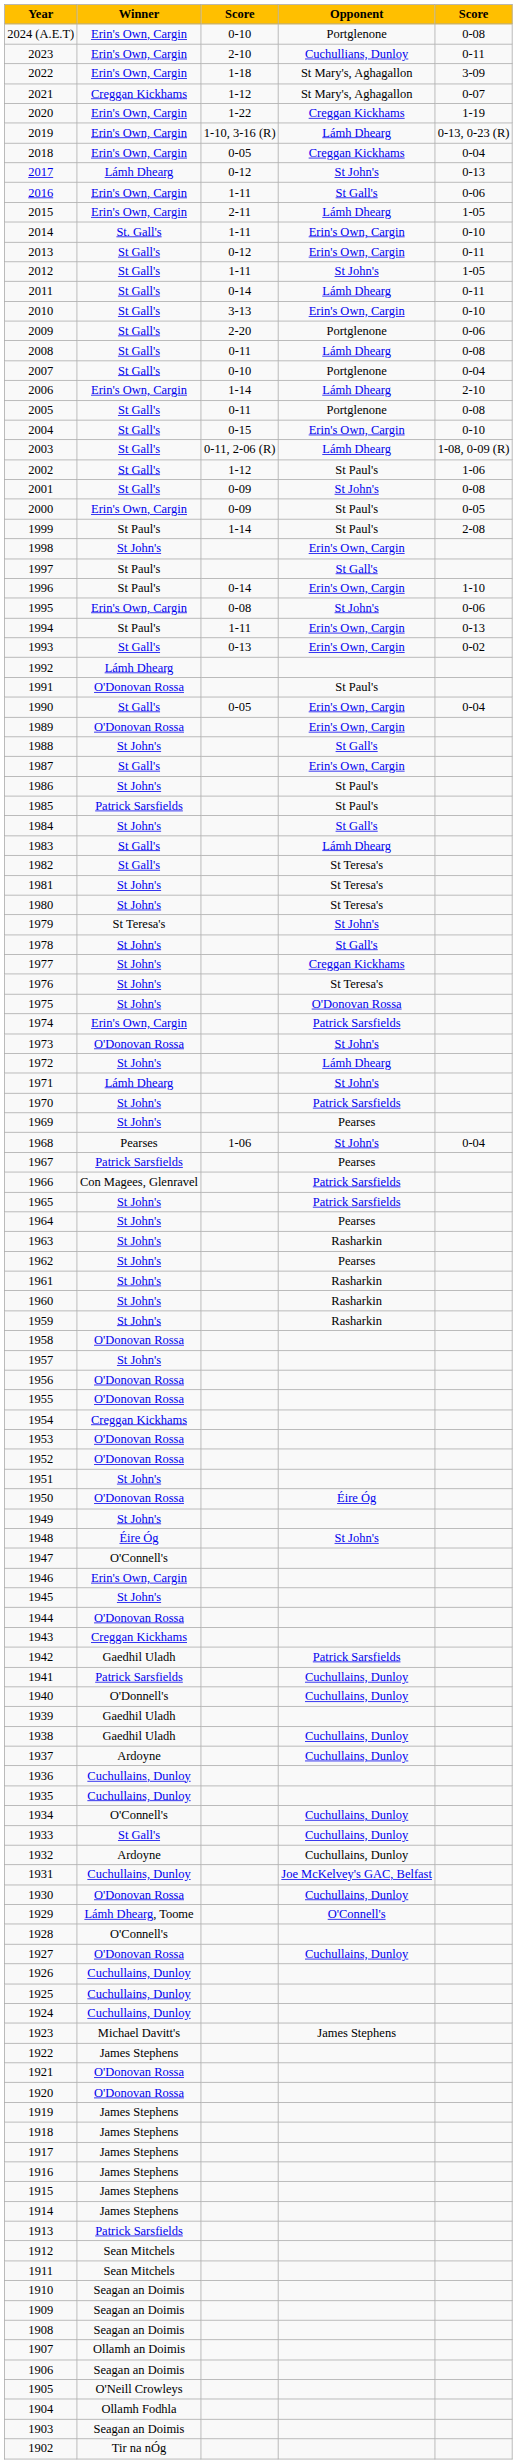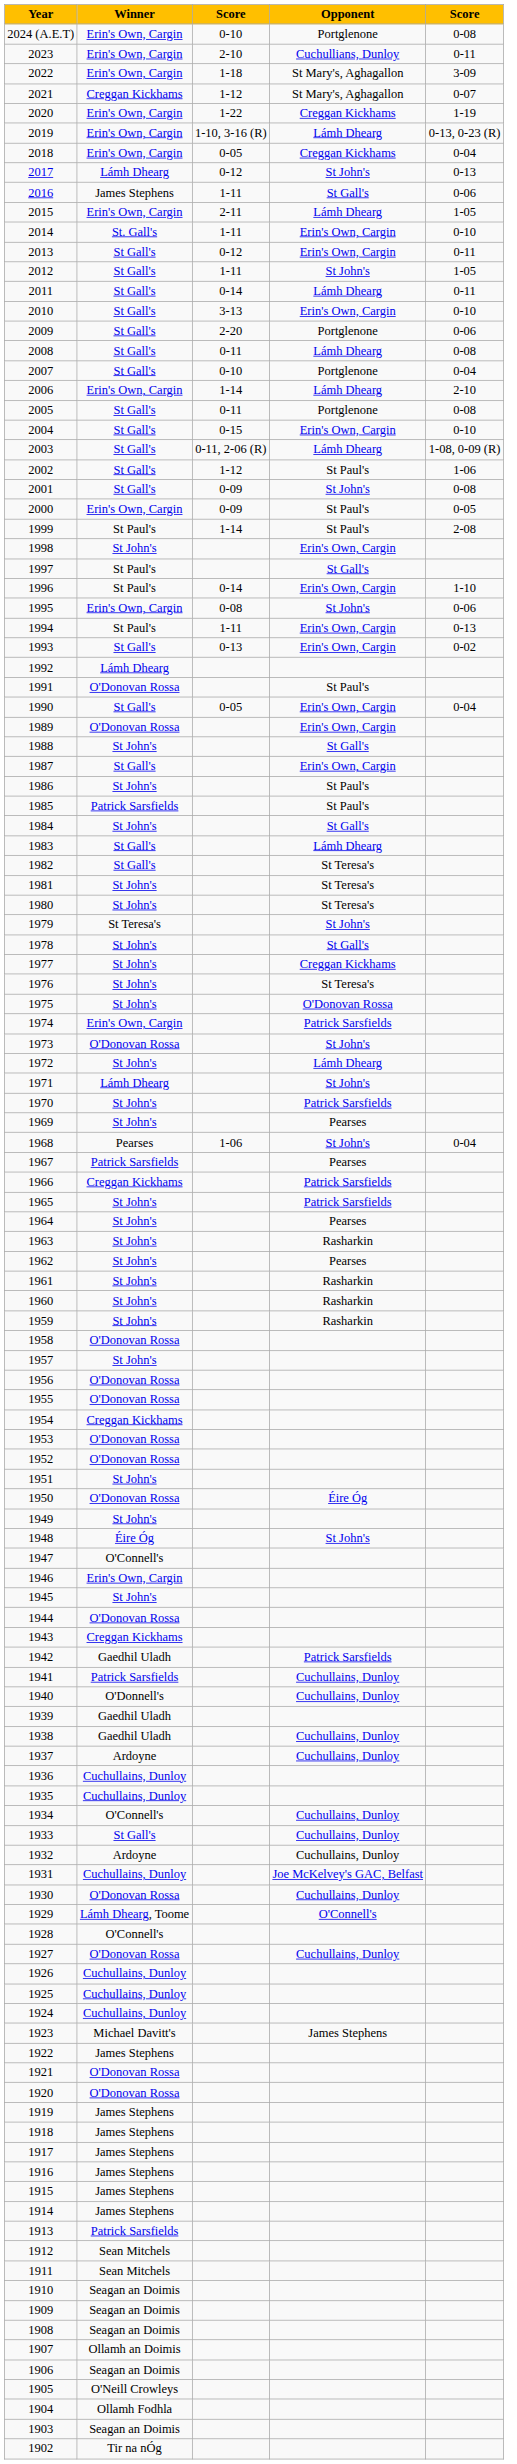 <table class="wikitable" style="text-align:center;">
 <tr>
 <th style="background:#FFBF00;color:black;">Year</th>
 <th style="background:#FFBF00;color:black;">Winner</th>
 <th style="background:#FFBF00;color:black;">Score</th>
 <th style="background:#FFBF00;color:black;">Opponent</th>
 <th style="background:#FFBF00;color:black;">Score</th>
 </tr>
 <tr>
 <td>2024 (A.E.T)</td>
 <td><a href='#'>Erin's Own, Cargin</a></td>
 <td>0-10</td>
 <td>Portglenone</td>
 <td>0-08</td>
 </tr>
 <tr>
 <td>2023</td>
 <td><a href='#'>Erin's Own, Cargin</a></td>
 <td>2-10</td>
 <td><a href='#'>Cuchullians, Dunloy</a></td>
 <td>0-11</td>
 </tr>
 <tr>
 <td>2022</td>
 <td><a href='#'>Erin's Own, Cargin</a></td>
 <td>1-18</td>
 <td>St Mary's, Aghagallon</td>
 <td>3-09</td>
 </tr>
 <tr>
 <td>2021</td>
 <td><a href='#'>Creggan Kickhams</a></td>
 <td>1-12</td>
 <td>St Mary's, Aghagallon</td>
 <td>0-07</td>
 </tr>
 <tr>
 <td>2020</td>
 <td><a href='#'>Erin's Own, Cargin</a></td>
 <td>1-22</td>
 <td><a href='#'>Creggan Kickhams</a></td>
 <td>1-19</td>
 </tr>
 <tr>
 <td>2019</td>
 <td><a href='#'>Erin's Own, Cargin</a></td>
 <td>1-10, 3-16 (R)</td>
 <td><a href='#'>Lámh Dhearg</a></td>
 <td>0-13, 0-23 (R)</td>
 </tr>
 <tr>
 <td>2018</td>
 <td><a href='#'>Erin's Own, Cargin</a></td>
 <td>0-05</td>
 <td><a href='#'>Creggan Kickhams</a></td>
 <td>0-04</td>
 </tr>
 <tr https://antrim.gaa.ie/fixtures/senior-football-championship>
 <td><a href='#'>2017</a></td>
 <td><a href='#'>Lámh Dhearg</a></td>
 <td>0-12</td>
 <td><a href='#'>St John's</a></td>
 <td>0-13</td>
 </tr>
 <tr>
 <td><a href='#'>2016</a></td>
-<td><a href='#'>Erin's Own, Cargin</a></td>
+<td>James Stephens</td>
 <td>1-11</td>
 <td><a href='#'>St Gall's</a></td>
 <td>0-06</td>
 </tr>
 <tr>
 <td>2015</td>
 <td><a href='#'>Erin's Own, Cargin</a></td>
 <td>2-11</td>
 <td><a href='#'>Lámh Dhearg</a></td>
 <td>1-05</td>
 </tr>
 <tr>
 <td>2014</td>
 <td><a href='#'>St. Gall's</a></td>
 <td>1-11</td>
 <td><a href='#'>Erin's Own, Cargin</a></td>
 <td>0-10</td>
 </tr>
 <tr>
 <td>2013</td>
 <td><a href='#'>St Gall's</a></td>
 <td>0-12</td>
 <td><a href='#'>Erin's Own, Cargin</a></td>
 <td>0-11</td>
 </tr>
 <tr>
 <td>2012</td>
 <td><a href='#'>St Gall's</a></td>
 <td>1-11</td>
 <td><a href='#'>St John's</a></td>
 <td>1-05</td>
 </tr>
 <tr>
 <td>2011</td>
 <td><a href='#'>St Gall's</a></td>
 <td>0-14</td>
 <td><a href='#'>Lámh Dhearg</a></td>
 <td>0-11</td>
 </tr>
 <tr>
 <td>2010</td>
 <td><a href='#'>St Gall's</a></td>
 <td>3-13</td>
 <td><a href='#'>Erin's Own, Cargin</a></td>
 <td>0-10</td>
 </tr>
 <tr>
 <td>2009</td>
 <td><a href='#'>St Gall's</a></td>
 <td>2-20</td>
 <td>Portglenone</td>
 <td>0-06</td>
 </tr>
 <tr>
 <td>2008</td>
 <td><a href='#'>St Gall's</a></td>
 <td>0-11</td>
 <td><a href='#'>Lámh Dhearg</a></td>
 <td>0-08</td>
 </tr>
 <tr>
 <td>2007</td>
 <td><a href='#'>St Gall's</a></td>
 <td>0-10</td>
 <td>Portglenone</td>
 <td>0-04</td>
 </tr>
 <tr>
 <td>2006</td>
 <td><a href='#'>Erin's Own, Cargin</a></td>
 <td>1-14</td>
 <td><a href='#'>Lámh Dhearg</a></td>
 <td>2-10</td>
 </tr>
 <tr>
 <td>2005</td>
 <td><a href='#'>St Gall's</a></td>
 <td>0-11</td>
 <td>Portglenone</td>
 <td>0-08</td>
 </tr>
 <tr>
 <td>2004</td>
 <td><a href='#'>St Gall's</a></td>
 <td>0-15</td>
 <td><a href='#'>Erin's Own, Cargin</a></td>
 <td>0-10</td>
 </tr>
 <tr>
 <td>2003</td>
 <td><a href='#'>St Gall's</a></td>
 <td>0-11, 2-06 (R)</td>
 <td><a href='#'>Lámh Dhearg</a></td>
 <td>1-08, 0-09 (R)</td>
 </tr>
 <tr>
 <td>2002</td>
 <td><a href='#'>St Gall's</a></td>
 <td>1-12</td>
 <td>St Paul's</td>
 <td>1-06</td>
 </tr>
 <tr>
 <td>2001</td>
 <td><a href='#'>St Gall's</a></td>
 <td>0-09</td>
 <td><a href='#'>St John's</a></td>
 <td>0-08</td>
 </tr>
 <tr>
 <td>2000</td>
 <td><a href='#'>Erin's Own, Cargin</a></td>
 <td>0-09</td>
 <td>St Paul's</td>
 <td>0-05</td>
 </tr>
 <tr>
 <td>1999</td>
 <td>St Paul's</td>
 <td>1-14</td>
 <td>St Paul's</td>
 <td>2-08</td>
 </tr>
 <tr>
 <td>1998</td>
 <td><a href='#'>St John's</a></td>
 <td></td>
 <td><a href='#'>Erin's Own, Cargin</a></td>
 <td></td>
 </tr>
 <tr>
 <td>1997</td>
 <td>St Paul's</td>
 <td></td>
 <td><a href='#'>St Gall's</a></td>
 <td></td>
 </tr>
 <tr>
 <td>1996</td>
 <td>St Paul's</td>
 <td>0-14</td>
 <td><a href='#'>Erin's Own, Cargin</a></td>
 <td>1-10</td>
 </tr>
 <tr>
 <td>1995</td>
 <td><a href='#'>Erin's Own, Cargin</a></td>
 <td>0-08</td>
 <td><a href='#'>St John's</a></td>
 <td>0-06</td>
 </tr>
 <tr>
 <td>1994</td>
 <td>St Paul's</td>
 <td>1-11</td>
 <td><a href='#'>Erin's Own, Cargin</a></td>
 <td>0-13</td>
 </tr>
 <tr>
 <td>1993</td>
 <td><a href='#'>St Gall's</a></td>
 <td>0-13</td>
 <td><a href='#'>Erin's Own, Cargin</a></td>
 <td>0-02</td>
 </tr>
 <tr>
 <td>1992</td>
 <td><a href='#'>Lámh Dhearg</a></td>
 <td></td>
 <td></td>
 <td></td>
 </tr>
 <tr>
 <td>1991</td>
 <td><a href='#'>O'Donovan Rossa</a></td>
 <td></td>
 <td>St Paul's</td>
 <td></td>
 </tr>
 <tr>
 <td>1990</td>
 <td><a href='#'>St Gall's</a></td>
 <td>0-05</td>
 <td><a href='#'>Erin's Own, Cargin</a></td>
 <td>0-04</td>
 </tr>
 <tr>
 <td>1989</td>
 <td><a href='#'>O'Donovan Rossa</a></td>
 <td></td>
 <td><a href='#'>Erin's Own, Cargin</a></td>
 <td></td>
 </tr>
 <tr>
 <td>1988</td>
 <td><a href='#'>St John's</a></td>
 <td></td>
 <td><a href='#'>St Gall's</a></td>
 <td></td>
 </tr>
 <tr>
 <td>1987</td>
 <td><a href='#'>St Gall's</a></td>
 <td></td>
 <td><a href='#'>Erin's Own, Cargin</a></td>
 <td></td>
 </tr>
 <tr>
 <td>1986</td>
 <td><a href='#'>St John's</a></td>
 <td></td>
 <td>St Paul's</td>
 <td></td>
 </tr>
 <tr>
 <td>1985</td>
 <td><a href='#'>Patrick Sarsfields</a></td>
 <td></td>
 <td>St Paul's</td>
 <td></td>
 </tr>
 <tr>
 <td>1984</td>
 <td><a href='#'>St John's</a></td>
 <td></td>
 <td><a href='#'>St Gall's</a></td>
 <td></td>
 </tr>
 <tr>
 <td>1983</td>
 <td><a href='#'>St Gall's</a></td>
 <td></td>
 <td><a href='#'>Lámh Dhearg</a></td>
 <td></td>
 </tr>
 <tr>
 <td>1982</td>
 <td><a href='#'>St Gall's</a></td>
 <td></td>
 <td>St Teresa's</td>
 <td></td>
 </tr>
 <tr>
 <td>1981</td>
 <td><a href='#'>St John's</a></td>
 <td></td>
 <td>St Teresa's</td>
 <td></td>
 </tr>
 <tr>
 <td>1980</td>
 <td><a href='#'>St John's</a></td>
 <td></td>
 <td>St Teresa's</td>
 <td></td>
 </tr>
 <tr>
 <td>1979</td>
 <td>St Teresa's</td>
 <td></td>
 <td><a href='#'>St John's</a></td>
 <td></td>
 </tr>
 <tr>
 <td>1978</td>
 <td><a href='#'>St John's</a></td>
 <td></td>
 <td><a href='#'>St Gall's</a></td>
 <td></td>
 </tr>
 <tr>
 <td>1977</td>
 <td><a href='#'>St John's</a></td>
 <td></td>
 <td><a href='#'>Creggan Kickhams</a></td>
 <td></td>
 </tr>
 <tr>
 <td>1976</td>
 <td><a href='#'>St John's</a></td>
 <td></td>
 <td>St Teresa's</td>
 <td></td>
 </tr>
 <tr>
 <td>1975</td>
 <td><a href='#'>St John's</a></td>
 <td></td>
 <td><a href='#'>O'Donovan Rossa</a></td>
 <td></td>
 </tr>
 <tr>
 <td>1974</td>
 <td><a href='#'>Erin's Own, Cargin</a></td>
 <td></td>
 <td><a href='#'>Patrick Sarsfields</a></td>
 <td></td>
 </tr>
 <tr>
 <td>1973</td>
 <td><a href='#'>O'Donovan Rossa</a></td>
 <td></td>
 <td><a href='#'>St John's</a></td>
 <td></td>
 </tr>
 <tr>
 <td>1972</td>
 <td><a href='#'>St John's</a></td>
 <td></td>
 <td><a href='#'>Lámh Dhearg</a></td>
 <td></td>
 </tr>
 <tr>
 <td>1971</td>
 <td><a href='#'>Lámh Dhearg</a></td>
 <td></td>
 <td><a href='#'>St John's</a></td>
 <td></td>
 </tr>
 <tr>
 <td>1970</td>
 <td><a href='#'>St John's</a></td>
 <td></td>
 <td><a href='#'>Patrick Sarsfields</a></td>
 <td></td>
 </tr>
 <tr>
 <td>1969</td>
 <td><a href='#'>St John's</a></td>
 <td></td>
 <td>Pearses</td>
 <td></td>
 </tr>
 <tr>
 <td>1968</td>
 <td>Pearses</td>
 <td>1-06</td>
 <td><a href='#'>St John's</a></td>
 <td>0-04</td>
 </tr>
 <tr>
 <td>1967</td>
 <td><a href='#'>Patrick Sarsfields</a></td>
 <td></td>
 <td>Pearses</td>
 <td></td>
 </tr>
 <tr>
 <td>1966</td>
-<td>Con Magees, Glenravel</td>
+<td><a href='#'>Creggan Kickhams</a></td>
 <td></td>
 <td><a href='#'>Patrick Sarsfields</a></td>
 <td></td>
 </tr>
 <tr>
 <td>1965</td>
 <td><a href='#'>St John's</a></td>
 <td></td>
 <td><a href='#'>Patrick Sarsfields</a></td>
 <td></td>
 </tr>
 <tr>
 <td>1964</td>
 <td><a href='#'>St John's</a></td>
 <td></td>
 <td>Pearses</td>
 <td></td>
 </tr>
 <tr>
 <td>1963</td>
 <td><a href='#'>St John's</a></td>
 <td></td>
 <td>Rasharkin</td>
 <td></td>
 </tr>
 <tr>
 <td>1962</td>
 <td><a href='#'>St John's</a></td>
 <td></td>
 <td>Pearses</td>
 <td></td>
 </tr>
 <tr>
 <td>1961</td>
 <td><a href='#'>St John's</a></td>
 <td></td>
 <td>Rasharkin</td>
 <td></td>
 </tr>
 <tr>
 <td>1960</td>
 <td><a href='#'>St John's</a></td>
 <td></td>
 <td>Rasharkin</td>
 <td></td>
 </tr>
 <tr>
 <td>1959</td>
 <td><a href='#'>St John's</a></td>
 <td></td>
 <td>Rasharkin</td>
 <td></td>
 </tr>
 <tr>
 <td>1958</td>
 <td><a href='#'>O'Donovan Rossa</a></td>
 <td></td>
 <td></td>
 <td></td>
 </tr>
 <tr>
 <td>1957</td>
 <td><a href='#'>St John's</a></td>
 <td></td>
 <td></td>
 <td></td>
 </tr>
 <tr>
 <td>1956</td>
 <td><a href='#'>O'Donovan Rossa</a></td>
 <td></td>
 <td></td>
 <td></td>
 </tr>
 <tr>
 <td>1955</td>
 <td><a href='#'>O'Donovan Rossa</a></td>
 <td></td>
 <td></td>
 <td></td>
 </tr>
 <tr>
 <td>1954</td>
 <td><a href='#'>Creggan Kickhams</a></td>
 <td></td>
 <td></td>
 <td></td>
 </tr>
 <tr>
 <td>1953</td>
 <td><a href='#'>O'Donovan Rossa</a></td>
 <td></td>
 <td></td>
 <td></td>
 </tr>
 <tr>
 <td>1952</td>
 <td><a href='#'>O'Donovan Rossa</a></td>
 <td></td>
 <td></td>
 <td></td>
 </tr>
 <tr>
 <td>1951</td>
 <td><a href='#'>St John's</a></td>
 <td></td>
 <td></td>
 <td></td>
 </tr>
 <tr>
 <td>1950</td>
 <td><a href='#'>O'Donovan Rossa</a></td>
 <td></td>
 <td><a href='#'>Éire Óg</a></td>
 <td></td>
 </tr>
 <tr>
 <td>1949</td>
 <td><a href='#'>St John's</a></td>
 <td></td>
 <td></td>
 <td></td>
 </tr>
 <tr>
 <td>1948</td>
 <td><a href='#'>Éire Óg</a></td>
 <td></td>
 <td><a href='#'>St John's</a></td>
 <td></td>
 </tr>
 <tr>
 <td>1947</td>
 <td>O'Connell's</td>
 <td></td>
 <td></td>
 <td></td>
 </tr>
 <tr>
 <td>1946</td>
 <td><a href='#'>Erin's Own, Cargin</a></td>
 <td></td>
 <td></td>
 <td></td>
 </tr>
 <tr>
 <td>1945</td>
 <td><a href='#'>St John's</a></td>
 <td></td>
 <td></td>
 <td></td>
 </tr>
 <tr>
 <td>1944</td>
 <td><a href='#'>O'Donovan Rossa</a></td>
 <td></td>
 <td></td>
 <td></td>
 </tr>
 <tr>
 <td>1943</td>
 <td><a href='#'>Creggan Kickhams</a></td>
 <td></td>
 <td></td>
 <td></td>
 </tr>
 <tr>
 <td>1942</td>
 <td>Gaedhil Uladh</td>
 <td></td>
 <td><a href='#'>Patrick Sarsfields</a></td>
 <td></td>
 </tr>
 <tr>
 <td>1941</td>
 <td><a href='#'>Patrick Sarsfields</a></td>
 <td></td>
 <td><a href='#'>Cuchullains, Dunloy</a></td>
 <td></td>
 </tr>
 <tr>
 <td>1940</td>
 <td>O'Donnell's</td>
 <td></td>
 <td><a href='#'>Cuchullains, Dunloy</a></td>
 <td></td>
 </tr>
 <tr>
 <td>1939</td>
 <td>Gaedhil Uladh</td>
 <td></td>
 <td></td>
 <td></td>
 </tr>
 <tr>
 <td>1938</td>
 <td>Gaedhil Uladh</td>
 <td></td>
 <td><a href='#'>Cuchullains, Dunloy</a></td>
 <td></td>
 </tr>
 <tr>
 <td>1937</td>
 <td>Ardoyne</td>
 <td></td>
 <td><a href='#'>Cuchullains, Dunloy</a></td>
 <td></td>
 </tr>
 <tr>
 <td>1936</td>
 <td><a href='#'>Cuchullains, Dunloy</a></td>
 <td></td>
 <td></td>
 <td></td>
 </tr>
 <tr>
 <td>1935</td>
 <td><a href='#'>Cuchullains, Dunloy</a></td>
 <td></td>
 <td></td>
 <td></td>
 </tr>
 <tr>
 <td>1934</td>
 <td>O'Connell's</td>
 <td></td>
 <td><a href='#'>Cuchullains, Dunloy</a></td>
 <td></td>
 </tr>
 <tr>
 <td>1933</td>
 <td><a href='#'>St Gall's</a></td>
 <td></td>
 <td><a href='#'>Cuchullains, Dunloy</a></td>
 <td></td>
 </tr>
 <tr>
 <td>1932</td>
 <td>Ardoyne</td>
 <td></td>
 <td>Cuchullains, Dunloy</td>
 <td></td>
 </tr>
 <tr>
 <td>1931</td>
 <td><a href='#'>Cuchullains, Dunloy</a></td>
 <td></td>
 <td><a href='#'>Joe McKelvey's GAC, Belfast</a></td>
 <td></td>
 </tr>
 <tr>
 <td>1930</td>
 <td><a href='#'>O'Donovan Rossa</a></td>
 <td></td>
 <td><a href='#'>Cuchullains, Dunloy</a></td>
 <td></td>
 </tr>
 <tr>
 <td>1929</td>
 <td><a href='#'>Lámh Dhearg</a>, Toome</td>
 <td></td>
 <td><a href='#'>O'Connell's</a></td>
 <td></td>
 </tr>
 <tr>
 <td>1928</td>
 <td>O'Connell's</td>
 <td></td>
 <td></td>
 <td></td>
 </tr>
 <tr>
 <td>1927</td>
 <td><a href='#'>O'Donovan Rossa</a></td>
 <td></td>
 <td><a href='#'>Cuchullains, Dunloy</a></td>
 <td></td>
 </tr>
 <tr>
 <td>1926</td>
 <td><a href='#'>Cuchullains, Dunloy</a></td>
 <td></td>
 <td></td>
 <td></td>
 </tr>
 <tr>
 <td>1925</td>
 <td><a href='#'>Cuchullains, Dunloy</a></td>
 <td></td>
 <td></td>
 <td></td>
 </tr>
 <tr>
 <td>1924</td>
 <td><a href='#'>Cuchullains, Dunloy</a></td>
 <td></td>
 <td></td>
 <td></td>
 </tr>
 <tr>
 <td>1923</td>
 <td>Michael Davitt's</td>
 <td></td>
 <td>James Stephens</td>
 <td></td>
 </tr>
 <tr>
 <td>1922</td>
 <td>James Stephens</td>
 <td></td>
 <td></td>
 <td></td>
 </tr>
 <tr>
 <td>1921</td>
 <td><a href='#'>O'Donovan Rossa</a></td>
 <td></td>
 <td></td>
 <td></td>
 </tr>
 <tr>
 <td>1920</td>
 <td><a href='#'>O'Donovan Rossa</a></td>
 <td></td>
 <td></td>
 <td></td>
 </tr>
 <tr>
 <td>1919</td>
 <td>James Stephens</td>
 <td></td>
 <td></td>
 <td></td>
 </tr>
 <tr>
 <td>1918</td>
 <td>James Stephens</td>
 <td></td>
 <td></td>
 <td></td>
 </tr>
 <tr>
 <td>1917</td>
 <td>James Stephens</td>
 <td></td>
 <td></td>
 <td></td>
 </tr>
 <tr>
 <td>1916</td>
 <td>James Stephens</td>
 <td></td>
 <td></td>
 <td></td>
 </tr>
 <tr>
 <td>1915</td>
 <td>James Stephens</td>
 <td></td>
 <td></td>
 <td></td>
 </tr>
 <tr>
 <td>1914</td>
 <td>James Stephens</td>
 <td></td>
 <td></td>
 <td></td>
 </tr>
 <tr>
 <td>1913</td>
 <td><a href='#'>Patrick Sarsfields</a></td>
 <td></td>
 <td></td>
 <td></td>
 </tr>
 <tr>
 <td>1912</td>
 <td>Sean Mitchels</td>
 <td></td>
 <td></td>
 <td></td>
 </tr>
 <tr>
 <td>1911</td>
 <td>Sean Mitchels</td>
 <td></td>
 <td></td>
 <td></td>
 </tr>
 <tr>
 <td>1910</td>
 <td>Seagan an Doimis</td>
 <td></td>
 <td></td>
 <td></td>
 </tr>
 <tr>
 <td>1909</td>
 <td>Seagan an Doimis</td>
 <td></td>
 <td></td>
 <td></td>
 </tr>
 <tr>
 <td>1908</td>
 <td>Seagan an Doimis</td>
 <td></td>
 <td></td>
 <td></td>
 </tr>
 <tr>
 <td>1907</td>
 <td>Ollamh an Doimis</td>
 <td></td>
 <td></td>
 <td></td>
 </tr>
 <tr>
 <td>1906</td>
 <td>Seagan an Doimis</td>
 <td></td>
 <td></td>
 <td></td>
 </tr>
 <tr>
 <td>1905</td>
 <td>O'Neill Crowleys</td>
 <td></td>
 <td></td>
 <td></td>
 </tr>
 <tr>
 <td>1904</td>
 <td>Ollamh Fodhla</td>
 <td></td>
 <td></td>
 <td></td>
 </tr>
 <tr>
 <td>1903</td>
 <td>Seagan an Doimis</td>
 <td></td>
 <td></td>
 <td></td>
 </tr>
 <tr>
 <td>1902</td>
 <td>Tir na nÓg</td>
 <td></td>
 <td></td>
 <td></td>
 </tr>
 </table>
